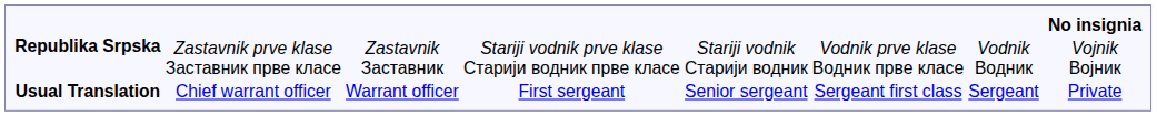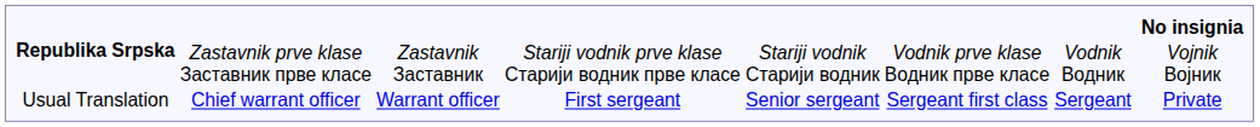 <table style="border:1px solid #8888aa; background-color:#f7f8ff; padding:5px; font-size:95%; margin: 0px 12px 12px 0px;">
 <tr style="text-align:center;">
 <th rowspan=2> Republika Srpska</th>
 <td colspan=6></td>
 <td colspan=2></td>
 <td colspan=1></td>
 <td colspan=1></td>
 <td colspan=6></td>
 <td colspan=6></td>
 <td colspan=12 rowspan=3></td>
 <td colspan=2><strong>No insignia</strong></td>
 </tr>
 <tr style="text-align:center;">
 <td colspan=6><em>Zastavnik prve klase</em><br> Заставник прве класе</td>
 <td colspan=2><em>Zastavnik</em><br> Заставник</td>
 <td colspan=1><em>Stariji vodnik prve klase</em><br> Старији водник прве класе</td>
 <td colspan=1><em>Stariji vodnik</em><br> Старији водник</td>
 <td colspan=6><em>Vodnik prve klase</em><br> Водник прве класе</td>
 <td colspan=6><em>Vodnik</em><br>Водник</td>
 <td colspan=2><em>Vojnik</em><br>Војник</td>
 </tr>
 <tr style="text-align:center;">
-<td><strong>Usual Translation</strong></td>
+<td>Usual Translation</td>
 <td colspan=6><a href='#'>Chief warrant officer</a></td>
 <td colspan=2><a href='#'>Warrant officer</a></td>
 <td colspan=1><a href='#'>First sergeant</a></td>
 <td colspan=1><a href='#'>Senior sergeant</a></td>
 <td colspan=6><a href='#'>Sergeant first class</a></td>
 <td colspan=6><a href='#'>Sergeant</a></td>
 <td colspan=2><a href='#'>Private</a></td>
 </tr>
 </table>
